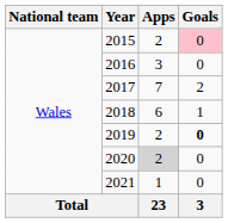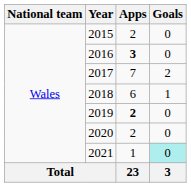 <table class=wikitable style="text-align: center">
 <tr>
 <th>National team</th>
 <th>Year</th>
 <th>Apps</th>
 <th>Goals</th>
 </tr>
 <tr>
 <td rowspan="7"><a href='#'>Wales</a></td>
 <td>2015</td>
 <td>2</td>
-<td style="background: pink;">0</td>
+<td>0</td>
 </tr>
 <tr>
 <td>2016</td>
-<td>3</td>
+<td><strong>3</strong></td>
 <td>0</td>
 </tr>
 <tr>
 <td>2017</td>
 <td>7</td>
 <td>2</td>
 </tr>
 <tr>
 <td>2018</td>
 <td>6</td>
 <td>1</td>
 </tr>
 <tr>
 <td>2019</td>
-<td>2</td>
-<td><strong>0</strong></td>
+<td><strong>2</strong></td>
+<td>0</td>
 </tr>
 <tr>
 <td>2020</td>
-<td style="background: lightgrey;">2</td>
+<td>2</td>
 <td>0</td>
 </tr>
 <tr>
 <td>2021</td>
 <td>1</td>
-<td>0</td>
+<td style="background: paleturquoise;">0</td>
 </tr>
 <tr>
 <th colspan="2">Total</th>
 <th>23</th>
 <th>3</th>
 </tr>
 </table>
